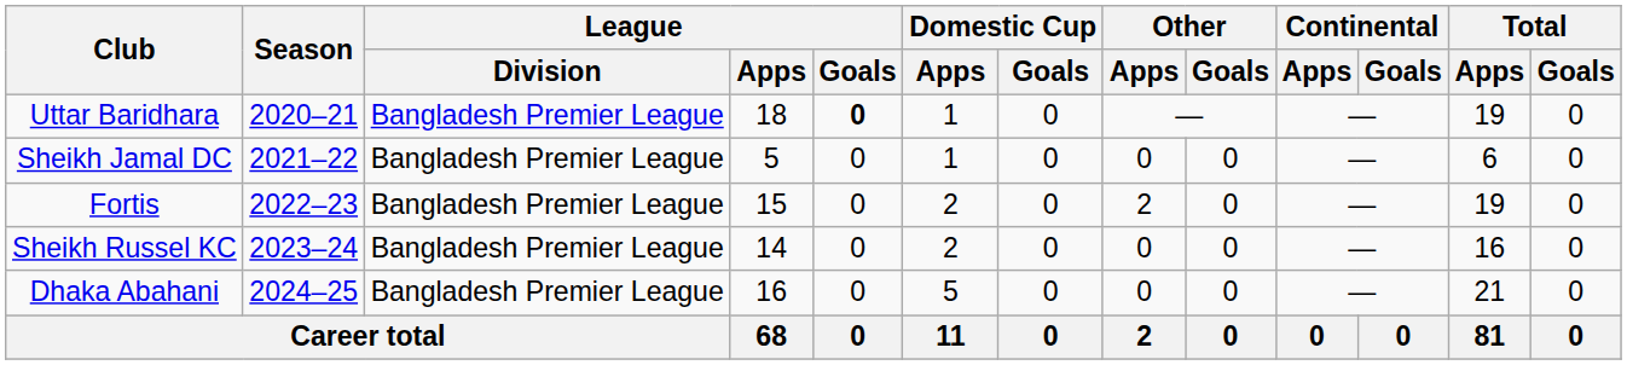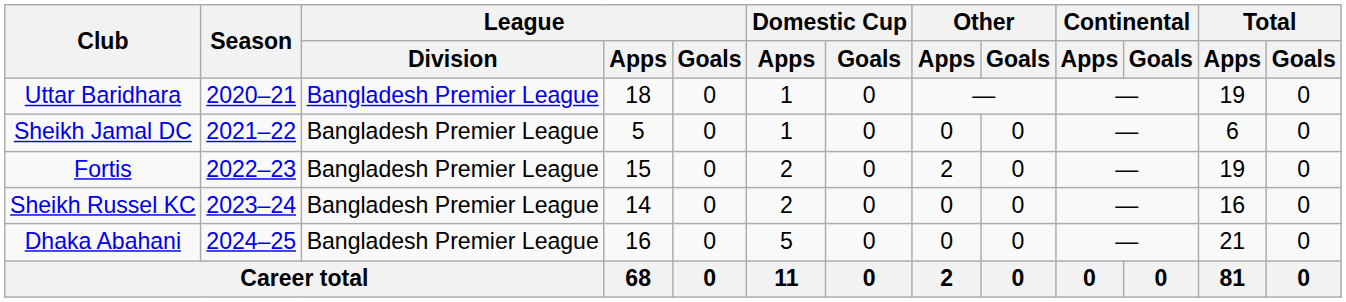 <table class="wikitable" style="text-align:center">
 <tr>
 <th rowspan="2">Club</th>
 <th rowspan="2">Season</th>
 <th colspan="3">League</th>
 <th colspan="2">Domestic Cup</th>
 <th colspan="2">Other</th>
 <th colspan="2">Continental</th>
 <th colspan="2">Total</th>
 </tr>
 <tr>
 <th>Division</th>
 <th>Apps</th>
 <th>Goals</th>
 <th>Apps</th>
 <th>Goals</th>
 <th>Apps</th>
 <th>Goals</th>
 <th>Apps</th>
 <th>Goals</th>
 <th>Apps</th>
 <th>Goals</th>
 </tr>
 <tr>
 <td><a href='#'>Uttar Baridhara</a></td>
 <td><a href='#'>2020–21</a></td>
 <td><a href='#'>Bangladesh Premier League</a></td>
 <td>18</td>
-<td><strong>0</strong></td>
+<td>0</td>
 <td>1</td>
 <td>0</td>
 <td colspan="2">—</td>
 <td colspan="2">—</td>
 <td>19</td>
 <td>0</td>
 </tr>
 <tr>
 <td><a href='#'>Sheikh Jamal DC</a></td>
 <td><a href='#'>2021–22</a></td>
 <td>Bangladesh Premier League</td>
 <td>5</td>
 <td>0</td>
 <td>1</td>
 <td>0</td>
 <td>0</td>
 <td>0</td>
 <td colspan="2">—</td>
 <td>6</td>
 <td>0</td>
 </tr>
 <tr>
 <td><a href='#'>Fortis</a></td>
 <td><a href='#'>2022–23</a></td>
 <td>Bangladesh Premier League</td>
 <td>15</td>
 <td>0</td>
 <td>2</td>
 <td>0</td>
 <td>2</td>
 <td>0</td>
 <td colspan="2">—</td>
 <td>19</td>
 <td>0</td>
 </tr>
 <tr>
 <td><a href='#'>Sheikh Russel KC</a></td>
 <td><a href='#'>2023–24</a></td>
 <td>Bangladesh Premier League</td>
 <td>14</td>
 <td>0</td>
 <td>2</td>
 <td>0</td>
 <td>0</td>
 <td>0</td>
 <td colspan="2">—</td>
 <td>16</td>
 <td>0</td>
 </tr>
 <tr>
 <td><a href='#'>Dhaka Abahani</a></td>
 <td><a href='#'>2024–25</a></td>
 <td>Bangladesh Premier League</td>
 <td>16</td>
 <td>0</td>
 <td>5</td>
 <td>0</td>
 <td>0</td>
 <td>0</td>
 <td colspan="2">—</td>
 <td>21</td>
 <td>0</td>
 </tr>
 <tr>
 <th colspan="3">Career total</th>
 <th>68</th>
 <th>0</th>
 <th>11</th>
 <th>0</th>
 <th>2</th>
 <th>0</th>
 <th>0</th>
 <th>0</th>
 <th>81</th>
 <th>0</th>
 </tr>
 </table>
